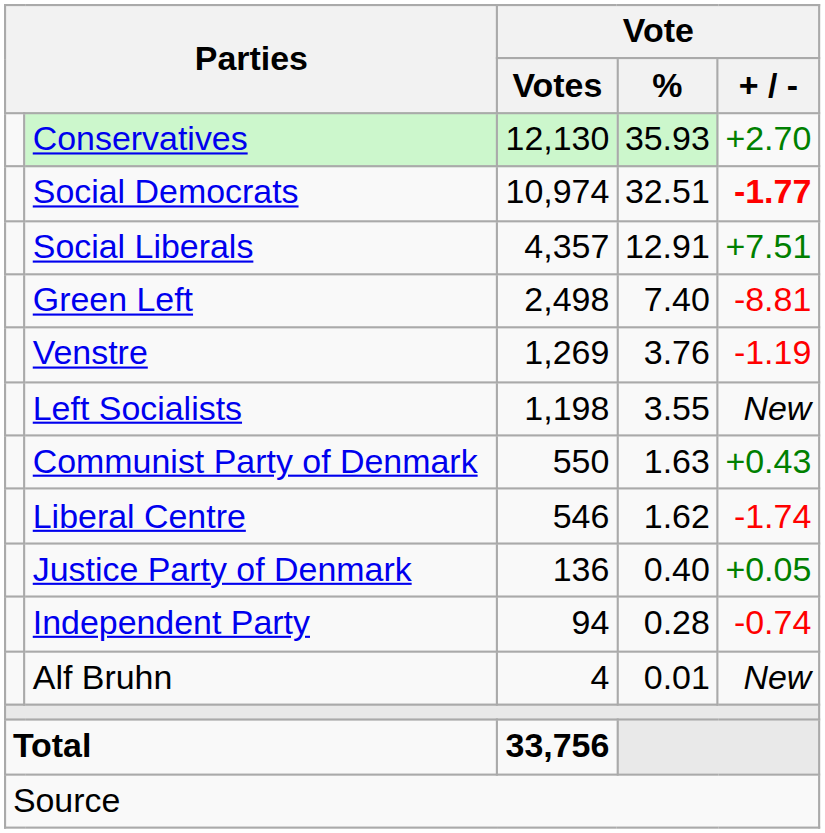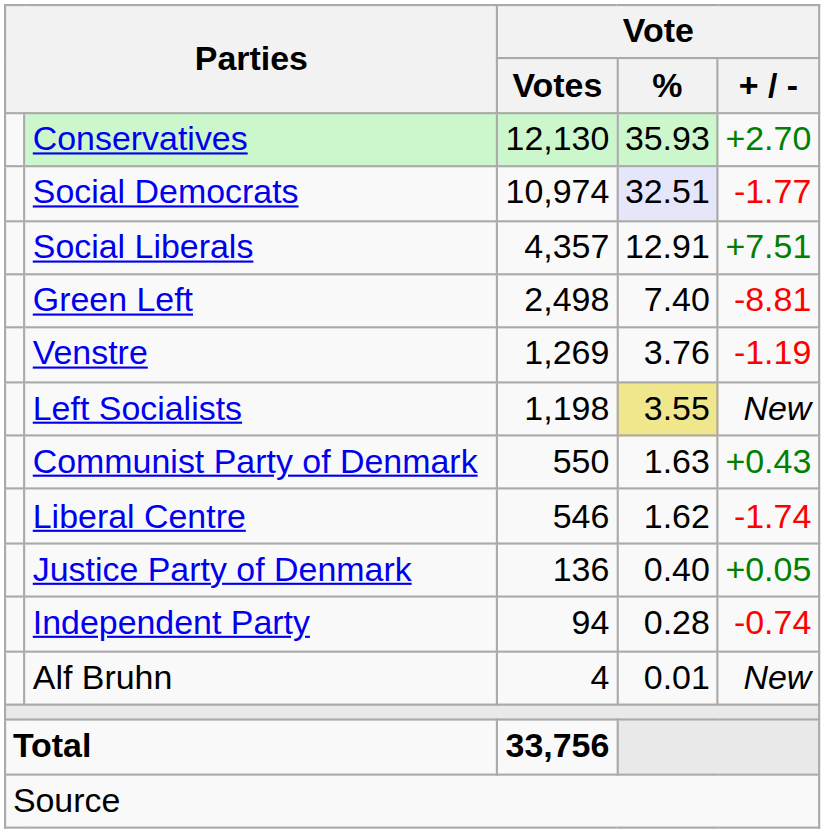 <table class="wikitable" style="text-align:right;">
 <tr>
 <th style="text-align:centre;" rowspan="2" colspan="2" width="225">Parties</th>
 <th colspan="3">Vote</th>
 </tr>
 <tr>
 <th width="15">Votes</th>
 <th width="15">%</th>
 <th width="15">+ / -</th>
 </tr>
 <tr>
 <td width="2" style="color:inherit;background:"></td>
 <td bgcolor=#ccf7cc  align="left"><a href='#'>Conservatives</a></td>
 <td bgcolor=#ccf7cc>12,130</td>
 <td bgcolor=#ccf7cc>35.93</td>
 <td style=color:green;>+2.70</td>
 </tr>
 <tr>
 <td width="2" style="color:inherit;background:"></td>
 <td align="left"><a href='#'>Social Democrats</a></td>
 <td>10,974</td>
-<td>32.51</td>
-<td style=color:red;><strong>-1.77</strong></td>
+<td style="background: lavender;">32.51</td>
+<td style=color:red;>-1.77</td>
 </tr>
 <tr>
 <td width="2" style="color:inherit;background:"></td>
 <td align="left"><a href='#'>Social Liberals</a></td>
 <td>4,357</td>
 <td>12.91</td>
 <td style=color:green;>+7.51</td>
 </tr>
 <tr>
 <td width="2" style="color:inherit;background:"></td>
 <td align="left"><a href='#'>Green Left</a></td>
 <td>2,498</td>
 <td>7.40</td>
 <td style=color:red;>-8.81</td>
 </tr>
 <tr>
 <td width="2" style="color:inherit;background:"></td>
 <td align="left"><a href='#'>Venstre</a></td>
 <td>1,269</td>
 <td>3.76</td>
 <td style=color:red;>-1.19</td>
 </tr>
 <tr>
 <td width="2" style="color:inherit;background:"></td>
 <td align="left"><a href='#'>Left Socialists</a></td>
 <td>1,198</td>
-<td>3.55</td>
+<td style="background: khaki;">3.55</td>
 <td><em>New</em></td>
 </tr>
 <tr>
 <td width="2" style="color:inherit;background:"></td>
 <td align="left"><a href='#'>Communist Party of Denmark</a></td>
 <td>550</td>
 <td>1.63</td>
 <td style=color:green;>+0.43</td>
 </tr>
 <tr>
 <td width="2" style="color:inherit;background:"></td>
 <td align="left"><a href='#'>Liberal Centre</a></td>
 <td>546</td>
 <td>1.62</td>
 <td style=color:red;>-1.74</td>
 </tr>
 <tr>
 <td width="2" style="color:inherit;background:"></td>
 <td align="left"><a href='#'>Justice Party of Denmark</a></td>
 <td>136</td>
 <td>0.40</td>
 <td style=color:green;>+0.05</td>
 </tr>
 <tr>
 <td width="2" style="color:inherit;background:"></td>
 <td align="left"><a href='#'>Independent Party</a></td>
 <td>94</td>
 <td>0.28</td>
 <td style=color:red;>-0.74</td>
 </tr>
 <tr>
 <td width="2" style="color:inherit;background:"></td>
 <td align="left">Alf Bruhn</td>
 <td>4</td>
 <td>0.01</td>
 <td><em>New</em></td>
 </tr>
 <tr>
 <td colspan="7" bgcolor="#E9E9E9"></td>
 </tr>
 <tr>
 <td align="left" colspan="2"><strong>Total</strong></td>
 <td><strong>33,756</strong></td>
 <td bgcolor="#E9E9E9" colspan="2"></td>
 </tr>
 <tr>
 <td align="left" colspan="6">Source</td>
 </tr>
 </table>
